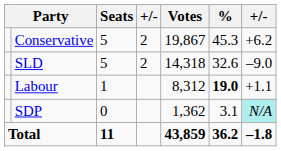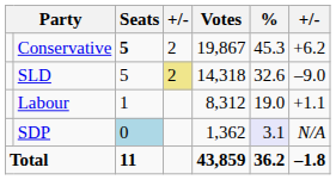 <table class="wikitable sortable">
 <tr>
 <th colspan="2">Party</th>
 <th>Seats</th>
 <th>+/-</th>
 <th>Votes</th>
 <th>%</th>
 <th>+/-</th>
 </tr>
 <tr>
 <td style="background-color: "></td>
 <td><a href='#'>Conservative</a></td>
-<td>5</td>
+<td><strong>5</strong></td>
 <td> 2</td>
 <td style="text-align:right;">19,867</td>
 <td style="text-align:right;">45.3</td>
 <td style="text-align:right;">+6.2</td>
 </tr>
 <tr>
 <td style="background-color: "></td>
 <td><a href='#'>SLD</a></td>
 <td>5</td>
-<td> 2</td>
+<td style="background: khaki;"> 2</td>
 <td style="text-align:right;">14,318</td>
 <td style="text-align:right;">32.6</td>
 <td style="text-align:right;">–9.0</td>
 </tr>
 <tr>
 <td style="background-color: "></td>
 <td><a href='#'>Labour</a></td>
 <td>1</td>
 <td></td>
 <td style="text-align:right;">8,312</td>
-<td style="text-align:right;"><strong>19.0</strong></td>
+<td style="text-align:right;">19.0</td>
 <td style="text-align:right;">+1.1</td>
 </tr>
 <tr>
 <td style="background-color: "></td>
 <td><a href='#'>SDP</a></td>
-<td>0</td>
+<td style="background: lightblue;">0</td>
 <td></td>
 <td style="text-align:right;">1,362</td>
-<td style="text-align:right;">3.1</td>
-<td style="background: paleturquoise; text-align:right;"><em>N/A</em></td>
+<td style="background: lavender; text-align:right;">3.1</td>
+<td style="text-align:right;"><em>N/A</em></td>
 </tr>
 <tr>
 <td colspan="2"><strong>Total</strong></td>
 <td><strong>11</strong></td>
 <td></td>
 <td style="text-align:right;"><strong>43,859</strong></td>
 <td style="text-align:right;"><strong>36.2</strong></td>
 <td style="text-align:right;"><strong>–1.8</strong></td>
 </tr>
 </table>
